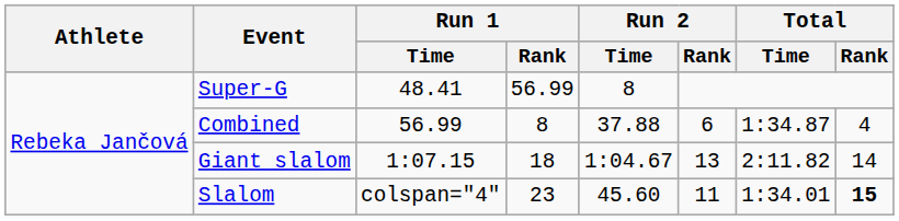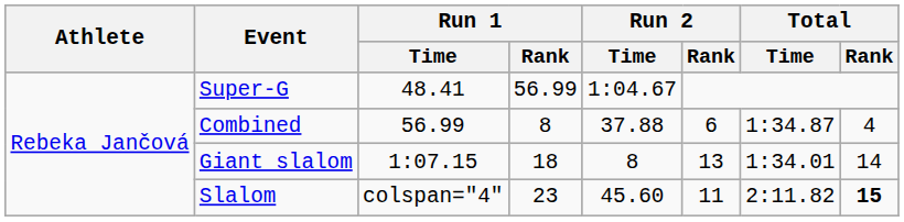 <table class="wikitable" style="font-size:90%">
 <tr>
 <th rowspan=2>Athlete</th>
 <th rowspan=2>Event</th>
 <th colspan=2>Run 1</th>
 <th colspan=2>Run 2</th>
 <th colspan=2>Total</th>
 </tr>
 <tr style="font-size:95%">
 <th>Time</th>
 <th>Rank</th>
 <th>Time</th>
 <th>Rank</th>
 <th>Time</th>
 <th>Rank</th>
 </tr>
 <tr align=center>
 <td align="left" rowspan="4"><a href='#'>Rebeka Jančová</a></td>
 <td align="left"><a href='#'>Super-G</a></td>
 <td>48.41</td>
 <td>56.99</td>
-<td>8</td>
+<td>1:04.67</td>
 </tr>
 <tr align=center>
 <td align="left"><a href='#'>Combined</a></td>
 <td>56.99</td>
 <td>8</td>
 <td>37.88</td>
 <td>6</td>
 <td>1:34.87</td>
 <td>4</td>
 </tr>
 <tr align=center>
 <td align="left"><a href='#'>Giant slalom</a></td>
 <td>1:07.15</td>
 <td>18</td>
-<td>1:04.67</td>
+<td>8</td>
 <td>13</td>
-<td>2:11.82</td>
+<td>1:34.01</td>
 <td>14</td>
 </tr>
 <tr align=center>
 <td align="left"><a href='#'>Slalom</a></td>
 <td>colspan="4" </td>
 <td>23</td>
 <td>45.60</td>
 <td>11</td>
-<td>1:34.01</td>
+<td>2:11.82</td>
 <td><strong>15</strong></td>
 </tr>
 </table>
